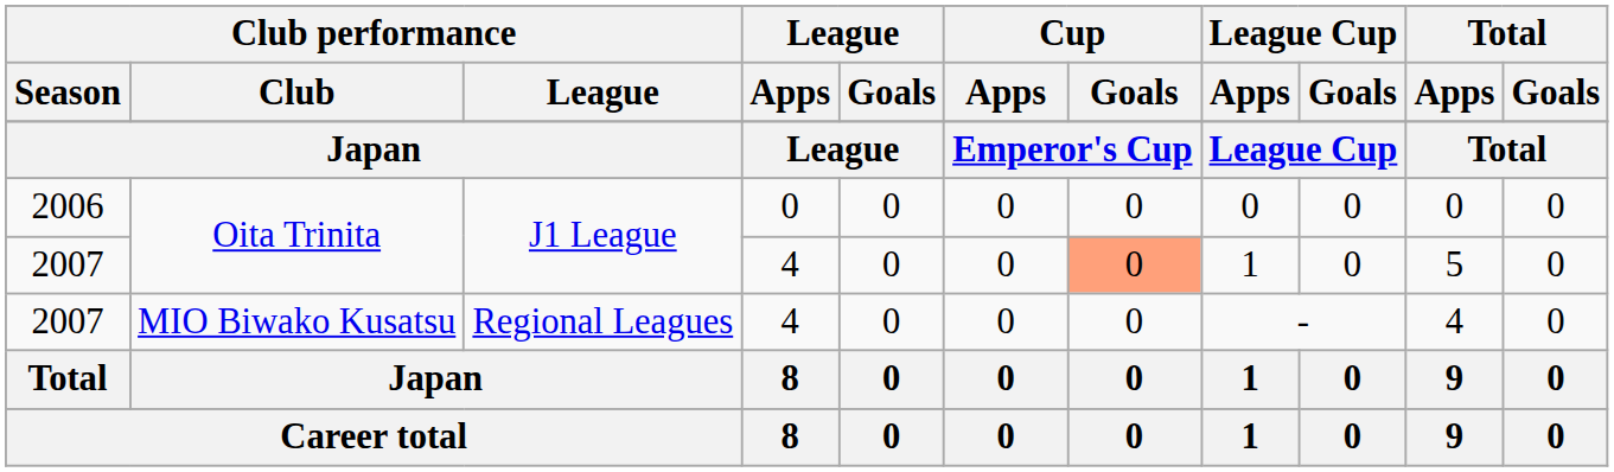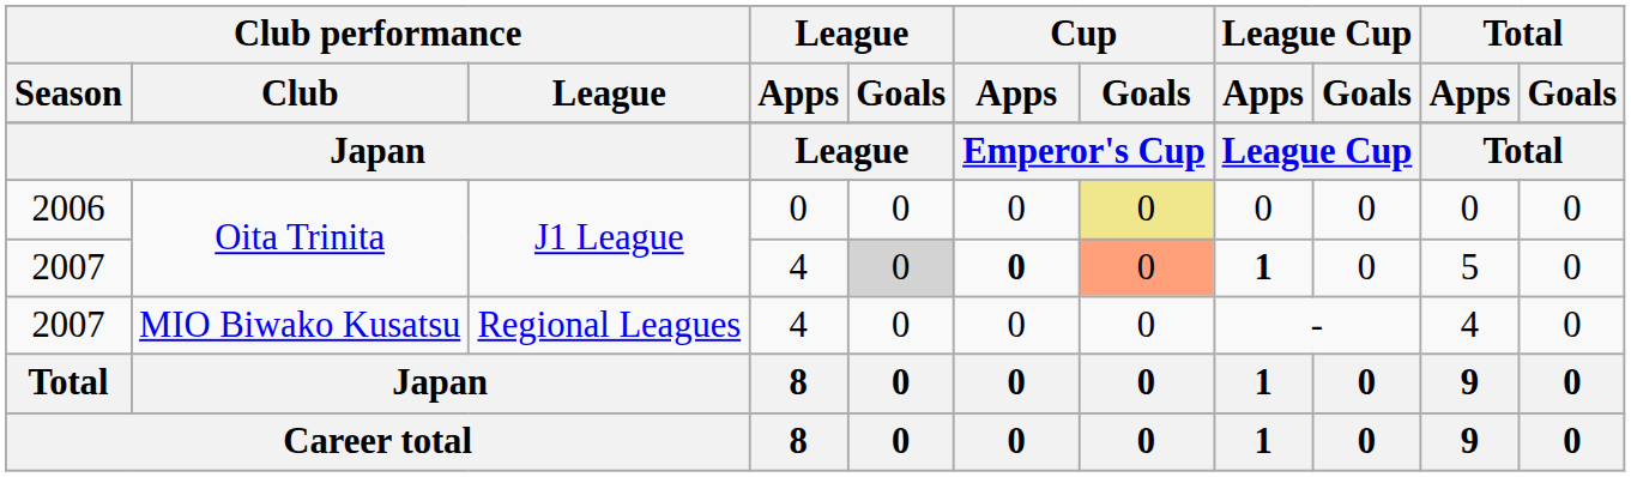 <table class="wikitable" style="text-align:center">
 <tr>
 <th colspan=3>Club performance</th>
 <th colspan=2>League</th>
 <th colspan=2>Cup</th>
 <th colspan=2>League Cup</th>
 <th colspan=2>Total</th>
 </tr>
 <tr>
 <th>Season</th>
 <th>Club</th>
 <th>League</th>
 <th>Apps</th>
 <th>Goals</th>
 <th>Apps</th>
 <th>Goals</th>
 <th>Apps</th>
 <th>Goals</th>
 <th>Apps</th>
 <th>Goals</th>
 </tr>
 <tr>
 </tr>
 <tr>
 <th colspan=3>Japan</th>
 <th colspan=2>League</th>
 <th colspan=2><a href='#'>Emperor's Cup</a></th>
 <th colspan=2><a href='#'>League Cup</a></th>
 <th colspan=2>Total</th>
 </tr>
 <tr>
 <td>2006</td>
 <td rowspan="2"><a href='#'>Oita Trinita</a></td>
 <td rowspan="2"><a href='#'>J1 League</a></td>
 <td>0</td>
 <td>0</td>
 <td>0</td>
-<td>0</td>
+<td style="background: khaki;">0</td>
 <td>0</td>
 <td>0</td>
 <td>0</td>
 <td>0</td>
 </tr>
 <tr>
 <td>2007</td>
 <td>4</td>
-<td>0</td>
-<td>0</td>
+<td style="background: lightgrey;">0</td>
+<td><strong>0</strong></td>
 <td style="background: lightsalmon;">0</td>
-<td>1</td>
+<td><strong>1</strong></td>
 <td>0</td>
 <td>5</td>
 <td>0</td>
 </tr>
 <tr>
 <td>2007</td>
 <td><a href='#'>MIO Biwako Kusatsu</a></td>
 <td><a href='#'>Regional Leagues</a></td>
 <td>4</td>
 <td>0</td>
 <td>0</td>
 <td>0</td>
 <td colspan="2">-</td>
 <td>4</td>
 <td>0</td>
 </tr>
 <tr>
 <th rowspan=1>Total</th>
 <th colspan=2>Japan</th>
 <th>8</th>
 <th>0</th>
 <th>0</th>
 <th>0</th>
 <th>1</th>
 <th>0</th>
 <th>9</th>
 <th>0</th>
 </tr>
 <tr>
 <th colspan=3>Career total</th>
 <th>8</th>
 <th>0</th>
 <th>0</th>
 <th>0</th>
 <th>1</th>
 <th>0</th>
 <th>9</th>
 <th>0</th>
 </tr>
 </table>
